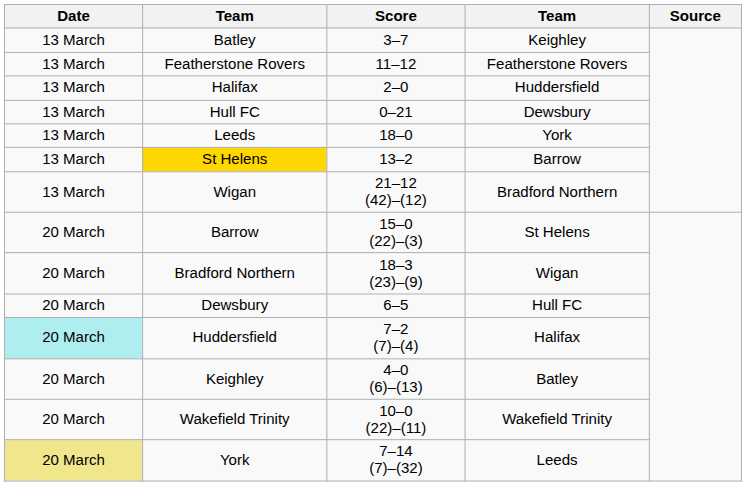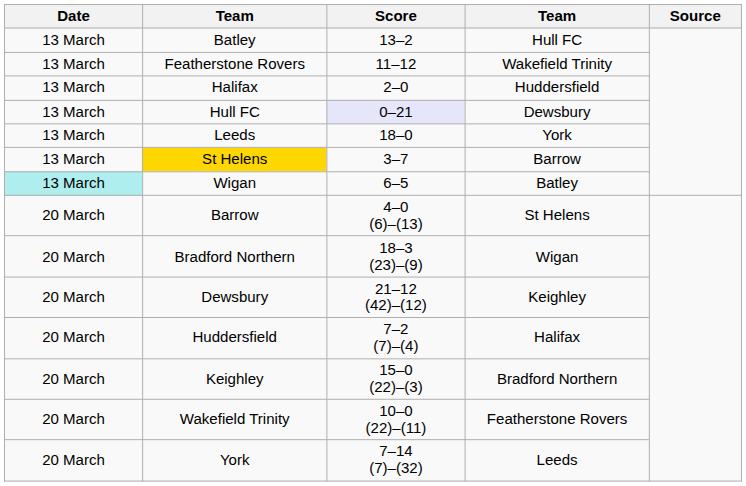 <table class="wikitable" style="text-align: center">
 <tr>
 <th width=15%>Date</th>
 <th width=20%>Team</th>
 <th width=15%>Score</th>
 <th width=20%>Team</th>
 <th width=10%>Source</th>
 </tr>
 <tr>
 <td>13 March</td>
 <td>Batley</td>
-<td>3–7</td>
-<td>Keighley</td>
+<td>13–2</td>
+<td>Hull FC</td>
 <td rowspan="7"></td>
 </tr>
 <tr>
 <td>13 March</td>
 <td>Featherstone Rovers</td>
 <td>11–12</td>
-<td>Featherstone Rovers</td>
+<td>Wakefield Trinity</td>
 </tr>
 <tr>
 <td>13 March</td>
 <td>Halifax</td>
 <td>2–0</td>
 <td>Huddersfield</td>
 </tr>
 <tr>
 <td>13 March</td>
 <td>Hull FC</td>
-<td>0–21</td>
+<td style="background: lavender;">0–21</td>
 <td>Dewsbury</td>
 </tr>
 <tr>
 <td>13 March</td>
 <td>Leeds</td>
 <td>18–0</td>
 <td>York</td>
 </tr>
 <tr>
 <td>13 March</td>
 <td style="background: gold;">St Helens</td>
-<td>13–2</td>
+<td>3–7</td>
 <td>Barrow</td>
 </tr>
 <tr>
-<td>13 March</td>
+<td style="background: paleturquoise;">13 March</td>
 <td>Wigan</td>
-<td>21–12<br>(42)–(12)</td>
-<td>Bradford Northern</td>
+<td>6–5</td>
+<td>Batley</td>
 </tr>
 <tr>
 <td>20 March</td>
 <td>Barrow</td>
-<td>15–0<br>(22)–(3)</td>
+<td>4–0<br>(6)–(13)</td>
 <td>St Helens</td>
 <td rowspan="7"></td>
 </tr>
 <tr>
 <td>20 March</td>
 <td>Bradford Northern</td>
 <td>18–3<br>(23)–(9)</td>
 <td>Wigan</td>
 </tr>
 <tr>
 <td>20 March</td>
 <td>Dewsbury</td>
-<td>6–5</td>
-<td>Hull FC</td>
+<td>21–12<br>(42)–(12)</td>
+<td>Keighley</td>
 </tr>
 <tr>
-<td style="background: paleturquoise;">20 March</td>
+<td>20 March</td>
 <td>Huddersfield</td>
 <td>7–2<br>(7)–(4)</td>
 <td>Halifax</td>
 </tr>
 <tr>
 <td>20 March</td>
 <td>Keighley</td>
-<td>4–0<br>(6)–(13)</td>
-<td>Batley</td>
+<td>15–0<br>(22)–(3)</td>
+<td>Bradford Northern</td>
 </tr>
 <tr>
 <td>20 March</td>
 <td>Wakefield Trinity</td>
 <td>10–0<br>(22)–(11)</td>
-<td>Wakefield Trinity</td>
+<td>Featherstone Rovers</td>
 </tr>
 <tr>
-<td style="background: khaki;">20 March</td>
+<td>20 March</td>
 <td>York</td>
 <td>7–14<br>(7)–(32)</td>
 <td>Leeds</td>
 </tr>
 </table>
